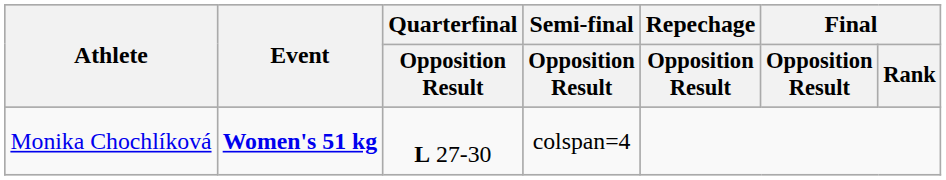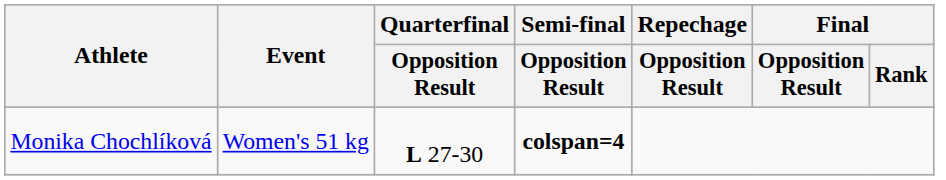 <table class=wikitable style=font-size:90%;text-align:center>
 <tr>
 <th rowspan=2>Athlete</th>
 <th rowspan=2>Event</th>
 <th>Quarterfinal</th>
 <th>Semi-final</th>
 <th>Repechage</th>
 <th colspan="2">Final</th>
 </tr>
 <tr style=font-size:95%>
 <th>Opposition<br>Result</th>
 <th>Opposition<br>Result</th>
 <th>Opposition<br>Result</th>
 <th>Opposition<br>Result</th>
 <th>Rank</th>
 </tr>
 <tr>
 <td align=left><a href='#'>Monika Chochlíková</a></td>
-<td align=left><strong><a href='#'>Women's 51 kg</a></strong></td>
+<td align=left><a href='#'>Women's 51 kg</a></td>
 <td><br><strong>L</strong> 27-30</td>
-<td>colspan=4 </td>
+<td><strong>colspan=4 </strong></td>
 </tr>
 </table>
